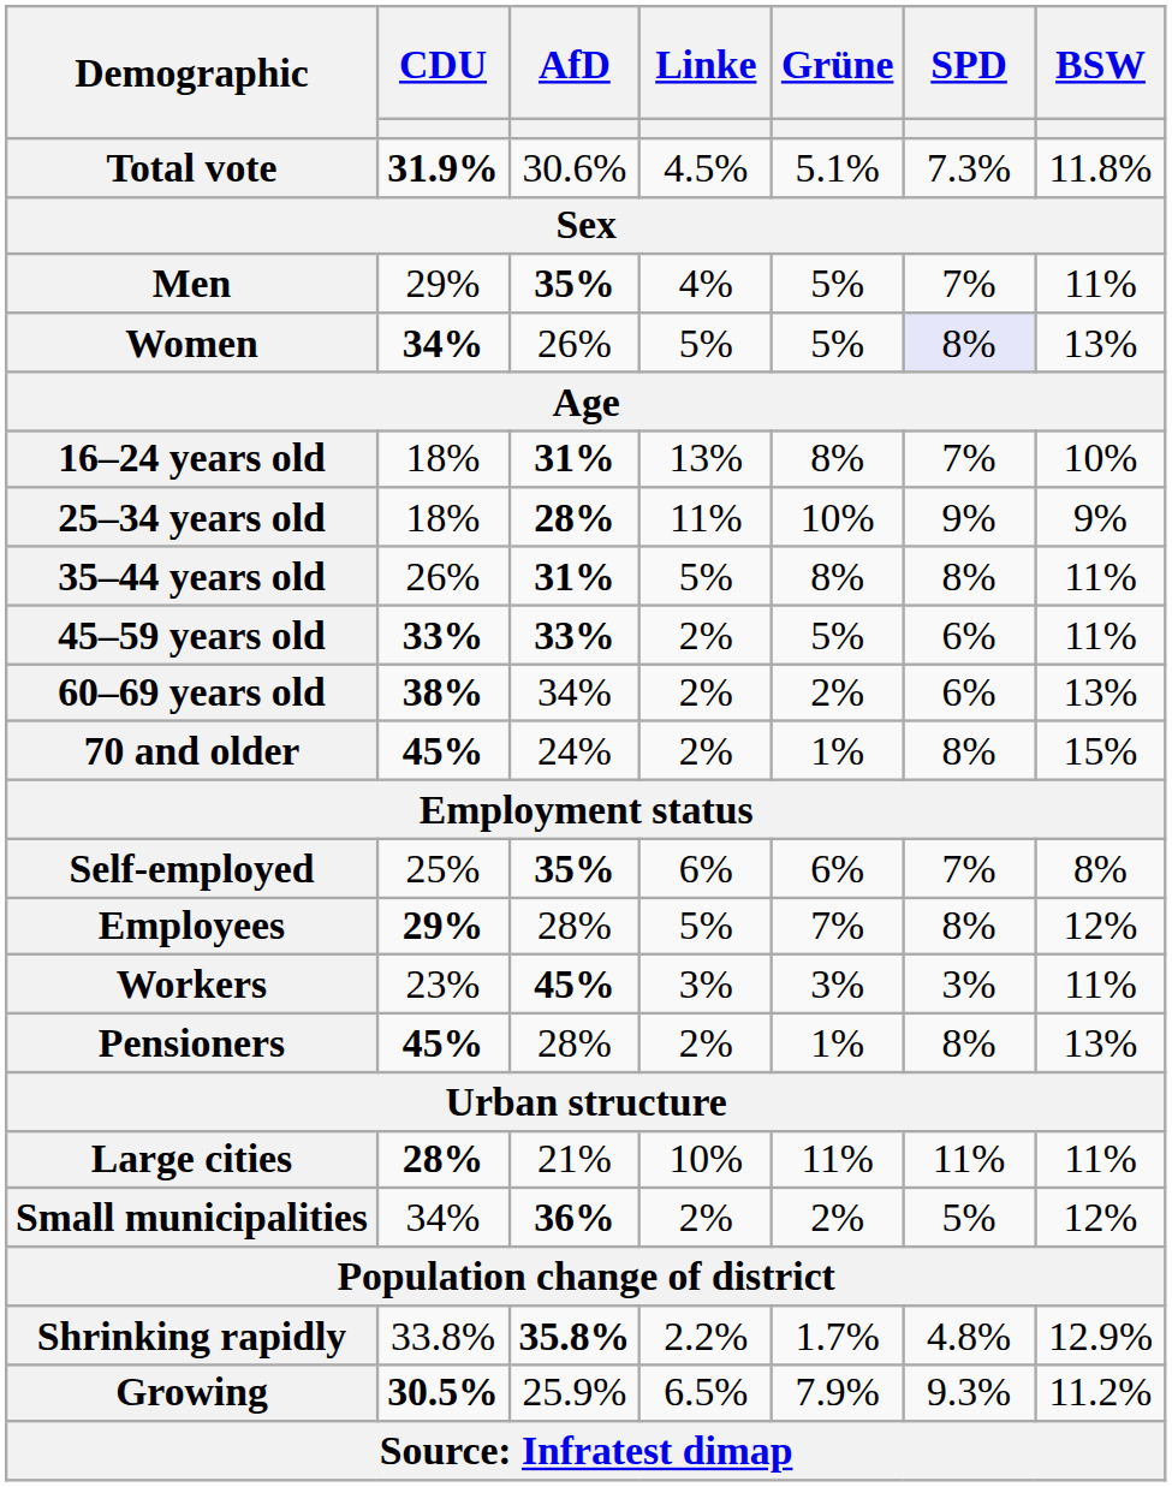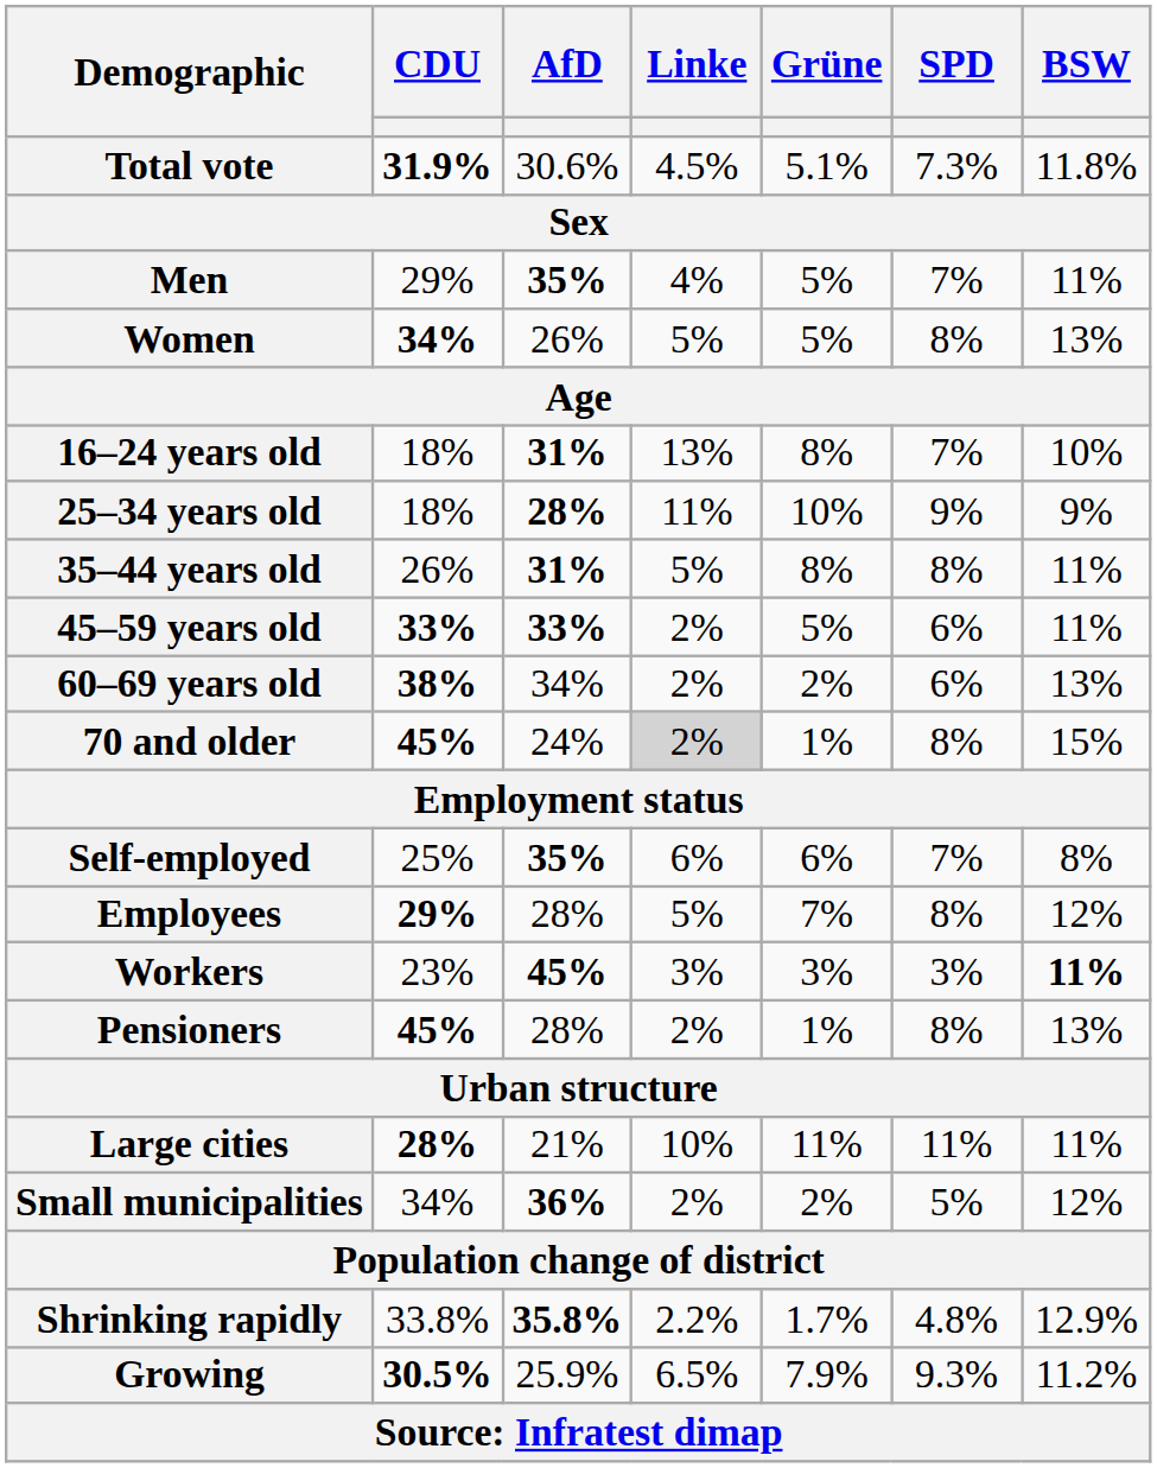 <table class="wikitable sortable" style="text-align:center; font-size:90%; line-height:14px">
 <tr style="height:40px;">
 <th rowspan="2" colspan="2">Demographic</th>
 <th class="unsortable" style="width:40px;"><a href='#'>CDU</a></th>
 <th class="unsortable" style="width:40px;"><a href='#'>AfD</a></th>
 <th class="unsortable" style="width:40px;"><a href='#'>Linke</a></th>
 <th class="unsortable" style="width:40px;"><a href='#'>Grüne</a></th>
 <th class="unsortable" style="width:40px;"><a href='#'>SPD</a></th>
 <th class="unsortable" style="width:40px;"><a href='#'>BSW</a></th>
 </tr>
 <tr>
 <th data-sort-type="number" style="background:"></th>
 <th data-sort-type="number" style="background:"></th>
 <th data-sort-type="number" style="background:"></th>
 <th data-sort-type="number" style="background:"></th>
 <th data-sort-type="number" style="background:"></th>
 <th data-sort-type="number" style="background:"></th>
 </tr>
 <tr>
 <th colspan="2">Total vote</th>
 <td style="background-color:#"><strong>31.9%</strong></td>
 <td>30.6%</td>
 <td>4.5%</td>
 <td>5.1%</td>
 <td>7.3%</td>
 <td>11.8%</td>
 </tr>
 <tr>
 <th colspan="11">Sex</th>
 </tr>
 <tr>
 <th colspan="2">Men</th>
 <td>29%</td>
 <td style="background-color:#"><strong>35%</strong></td>
 <td>4%</td>
 <td>5%</td>
 <td>7%</td>
 <td>11%</td>
 </tr>
 <tr>
 <th colspan="2">Women</th>
 <td style="background-color:#"><strong>34%</strong></td>
 <td>26%</td>
 <td>5%</td>
 <td>5%</td>
-<td style="background: lavender;">8%</td>
+<td>8%</td>
 <td>13%</td>
 </tr>
 <tr>
 <th colspan="11">Age</th>
 </tr>
 <tr>
 <th colspan="2">16–24 years old</th>
 <td>18%</td>
 <td style="background-color:#"><strong>31%</strong></td>
 <td>13%</td>
 <td>8%</td>
 <td>7%</td>
 <td>10%</td>
 </tr>
 <tr>
 <th colspan="2">25–34 years old</th>
 <td>18%</td>
 <td style="background-color:#"><strong>28%</strong></td>
 <td>11%</td>
 <td>10%</td>
 <td>9%</td>
 <td>9%</td>
 </tr>
 <tr>
 <th colspan="2">35–44 years old</th>
 <td>26%</td>
 <td style="background-color:#"><strong>31%</strong></td>
 <td>5%</td>
 <td>8%</td>
 <td>8%</td>
 <td>11%</td>
 </tr>
 <tr>
 <th colspan="2">45–59 years old</th>
 <td style="background-color:#"><strong>33%</strong></td>
 <td style="background-color:#"><strong>33%</strong></td>
 <td>2%</td>
 <td>5%</td>
 <td>6%</td>
 <td>11%</td>
 </tr>
 <tr>
 <th colspan="2">60–69 years old</th>
 <td style="background-color:#"><strong>38%</strong></td>
 <td>34%</td>
 <td>2%</td>
 <td>2%</td>
 <td>6%</td>
 <td>13%</td>
 </tr>
 <tr>
 <th colspan="2">70 and older</th>
 <td style="background-color:#"><strong>45%</strong></td>
 <td>24%</td>
-<td>2%</td>
+<td style="background: lightgrey;">2%</td>
 <td>1%</td>
 <td>8%</td>
 <td>15%</td>
 </tr>
 <tr>
 <th colspan="11">Employment status</th>
 </tr>
 <tr>
 <th colspan="2">Self-employed</th>
 <td>25%</td>
 <td style="background-color:#"><strong>35%</strong></td>
 <td>6%</td>
 <td>6%</td>
 <td>7%</td>
 <td>8%</td>
 </tr>
 <tr>
 <th colspan="2">Employees</th>
 <td style="background-color:#"><strong>29%</strong></td>
 <td>28%</td>
 <td>5%</td>
 <td>7%</td>
 <td>8%</td>
 <td>12%</td>
 </tr>
 <tr>
 <th colspan="2">Workers</th>
 <td>23%</td>
 <td style="background-color:#"><strong>45%</strong></td>
 <td>3%</td>
 <td>3%</td>
 <td>3%</td>
-<td>11%</td>
+<td><strong>11%</strong></td>
 </tr>
 <tr>
 <th colspan="2">Pensioners</th>
 <td style="background-color:#"><strong>45%</strong></td>
 <td>28%</td>
 <td>2%</td>
 <td>1%</td>
 <td>8%</td>
 <td>13%</td>
 </tr>
 <tr>
 <th colspan="11">Urban structure</th>
 </tr>
 <tr>
 <th colspan="2">Large cities</th>
 <td style="background-color:#"><strong>28%</strong></td>
 <td>21%</td>
 <td>10%</td>
 <td>11%</td>
 <td>11%</td>
 <td>11%</td>
 </tr>
 <tr>
 <th colspan="2">Small municipalities</th>
 <td>34%</td>
 <td style="background-color:#"><strong>36%</strong></td>
 <td>2%</td>
 <td>2%</td>
 <td>5%</td>
 <td>12%</td>
 </tr>
 <tr>
 <th colspan="11">Population change of district</th>
 </tr>
 <tr>
 <th colspan="2">Shrinking rapidly</th>
 <td>33.8%</td>
 <td style="background-color:#"><strong>35.8%</strong></td>
 <td>2.2%</td>
 <td>1.7%</td>
 <td>4.8%</td>
 <td>12.9%</td>
 </tr>
 <tr>
 <th colspan="2">Growing</th>
 <td style="background-color:#"><strong>30.5%</strong></td>
 <td>25.9%</td>
 <td>6.5%</td>
 <td>7.9%</td>
 <td>9.3%</td>
 <td>11.2%</td>
 </tr>
 <tr>
 <th colspan="11">Source: <a href='#'>Infratest dimap</a></th>
 </tr>
 </table>
